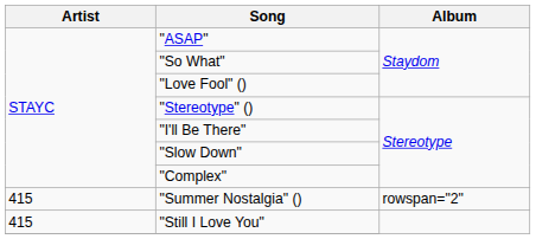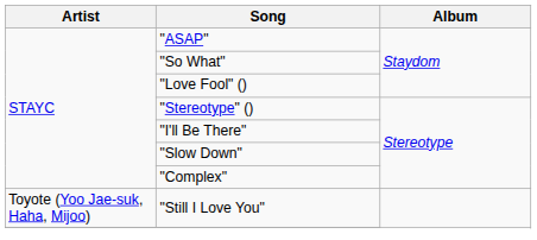 <table class="wikitable sortable">
 <tr>
 <th style="width:10em;">Artist</th>
 <th style="width:15em;">Song</th>
 <th style="width:10em;">Album</th>
 </tr>
 <tr>
 <td rowspan="7"><a href='#'>STAYC</a></td>
 <td>"<a href='#'>ASAP</a>"</td>
 <td rowspan="3"><em><a href='#'>Staydom</a></em></td>
 </tr>
 <tr>
 <td>"So What"</td>
 </tr>
 <tr>
 <td>"Love Fool" ()</td>
 </tr>
 <tr>
 <td>"<a href='#'>Stereotype</a>" ()</td>
 <td rowspan="4"><em><a href='#'>Stereotype</a></em></td>
 </tr>
 <tr>
 <td>"I'll Be There"</td>
 </tr>
 <tr>
 <td>"Slow Down"</td>
 </tr>
 <tr>
 <td>"Complex"</td>
 </tr>
 <tr>
-<td>415</td>
-<td>"Summer Nostalgia" ()</td>
-<td>rowspan="2" </td>
-</tr>
-<tr>
-<td>415</td>
+<td>Toyote (<a href='#'>Yoo Jae-suk</a>, <a href='#'>Haha</a>, <a href='#'>Mijoo</a>)</td>
 <td>"Still I Love You"</td>
 </tr>
 <tr>
 </tr>
 </table>
